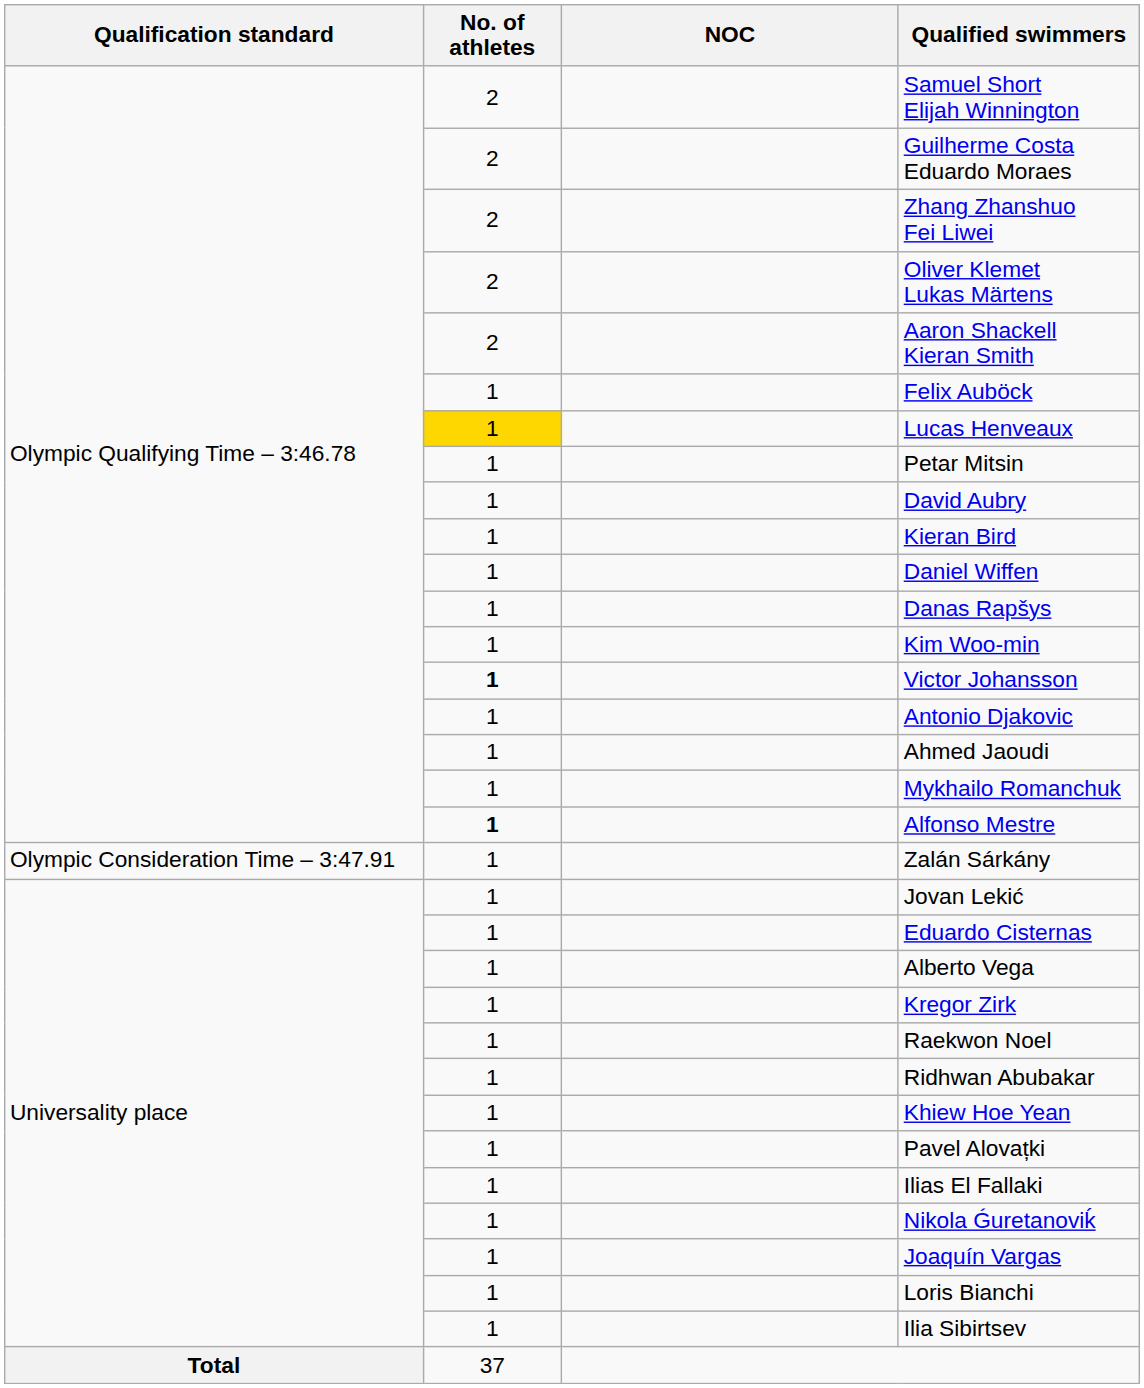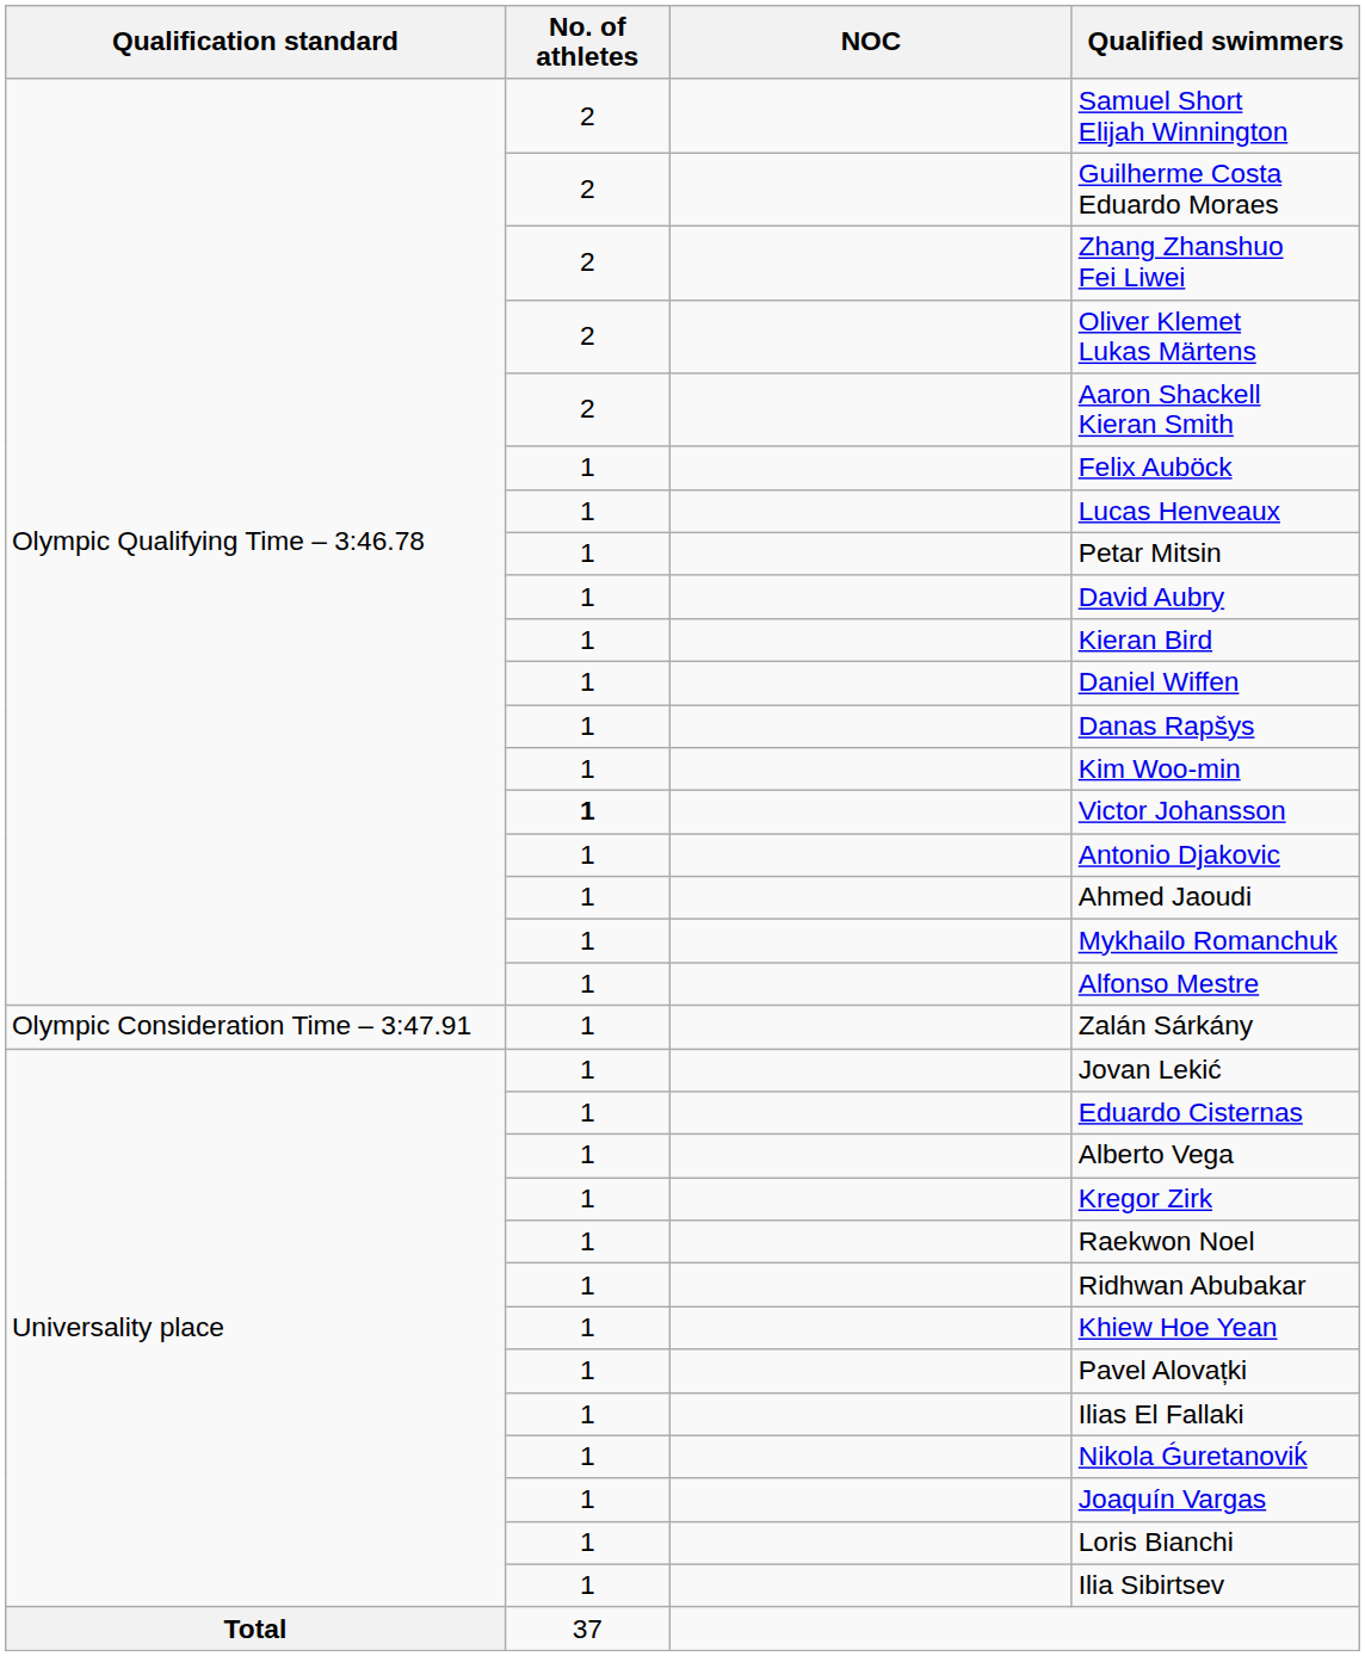 <table class=wikitable style="text-align:left" width=800>
 <tr>
 <th scope="col">Qualification standard</th>
 <th scope="col" width =90>No. of athletes</th>
 <th scope="col" width =230>NOC</th>
 <th scope="col">Qualified swimmers</th>
 </tr>
 <tr>
 <td rowspan=18>Olympic Qualifying Time – 3:46.78</td>
 <td align=center>2</td>
 <td></td>
 <td><a href='#'>Samuel Short</a><br><a href='#'>Elijah Winnington</a></td>
 </tr>
 <tr>
 <td align=center>2</td>
 <td></td>
 <td><a href='#'>Guilherme Costa</a><br>Eduardo Moraes</td>
 </tr>
 <tr>
 <td align=center>2</td>
 <td></td>
 <td><a href='#'>Zhang Zhanshuo</a><br><a href='#'>Fei Liwei</a></td>
 </tr>
 <tr>
 <td align=center>2</td>
 <td></td>
 <td><a href='#'>Oliver Klemet</a><br><a href='#'>Lukas Märtens</a></td>
 </tr>
 <tr>
 <td align=center>2</td>
 <td></td>
 <td><a href='#'>Aaron Shackell</a><br><a href='#'>Kieran Smith</a></td>
 </tr>
 <tr>
 <td align=center>1</td>
 <td></td>
 <td><a href='#'>Felix Auböck</a></td>
 </tr>
 <tr>
-<td align=center style="background: gold;">1</td>
+<td align=center>1</td>
 <td></td>
 <td><a href='#'>Lucas Henveaux</a></td>
 </tr>
 <tr>
 <td align=center>1</td>
 <td></td>
 <td>Petar Mitsin</td>
 </tr>
 <tr>
 <td align=center>1</td>
 <td></td>
 <td><a href='#'>David Aubry</a></td>
 </tr>
 <tr>
 <td align=center>1</td>
 <td></td>
 <td><a href='#'>Kieran Bird</a></td>
 </tr>
 <tr>
 <td align=center>1</td>
 <td></td>
 <td><a href='#'>Daniel Wiffen</a></td>
 </tr>
 <tr>
 <td align=center>1</td>
 <td></td>
 <td><a href='#'>Danas Rapšys</a></td>
 </tr>
 <tr>
 <td align=center>1</td>
 <td></td>
 <td><a href='#'>Kim Woo-min</a></td>
 </tr>
 <tr>
 <td align=center><strong>1</strong></td>
 <td></td>
 <td><a href='#'>Victor Johansson</a></td>
 </tr>
 <tr>
 <td align=center>1</td>
 <td></td>
 <td><a href='#'>Antonio Djakovic</a></td>
 </tr>
 <tr>
 <td align=center>1</td>
 <td></td>
 <td>Ahmed Jaoudi</td>
 </tr>
 <tr>
 <td align=center>1</td>
 <td></td>
 <td><a href='#'>Mykhailo Romanchuk</a></td>
 </tr>
 <tr>
-<td align=center><strong>1</strong></td>
+<td align=center>1</td>
 <td></td>
 <td><a href='#'>Alfonso Mestre</a></td>
 </tr>
 <tr>
 <td>Olympic Consideration Time – 3:47.91</td>
 <td align=center>1</td>
 <td></td>
 <td>Zalán Sárkány</td>
 </tr>
 <tr>
 <td rowspan=13>Universality place</td>
 <td align=center>1</td>
 <td></td>
 <td>Jovan Lekić</td>
 </tr>
 <tr>
 <td align=center>1</td>
 <td></td>
 <td><a href='#'>Eduardo Cisternas</a></td>
 </tr>
 <tr>
 <td align=center>1</td>
 <td></td>
 <td>Alberto Vega</td>
 </tr>
 <tr>
 <td align=center>1</td>
 <td></td>
 <td><a href='#'>Kregor Zirk</a></td>
 </tr>
 <tr>
 <td align=center>1</td>
 <td></td>
 <td>Raekwon Noel</td>
 </tr>
 <tr>
 <td align=center>1</td>
 <td></td>
 <td>Ridhwan Abubakar</td>
 </tr>
 <tr>
 <td align=center>1</td>
 <td></td>
 <td><a href='#'>Khiew Hoe Yean</a></td>
 </tr>
 <tr>
 <td align=center>1</td>
 <td></td>
 <td>Pavel Alovațki</td>
 </tr>
 <tr>
 <td align=center>1</td>
 <td></td>
 <td>Ilias El Fallaki</td>
 </tr>
 <tr>
 <td align=center>1</td>
 <td></td>
 <td><a href='#'>Nikola Ǵuretanoviḱ</a></td>
 </tr>
 <tr>
 <td align=center>1</td>
 <td></td>
 <td><a href='#'>Joaquín Vargas</a></td>
 </tr>
 <tr>
 <td align=center>1</td>
 <td></td>
 <td>Loris Bianchi</td>
 </tr>
 <tr>
 <td align=center>1</td>
 <td></td>
 <td>Ilia Sibirtsev</td>
 </tr>
 <tr>
 <th scope="row">Total</th>
 <td align=center>37</td>
 <td colspan=2></td>
 </tr>
 </table>
